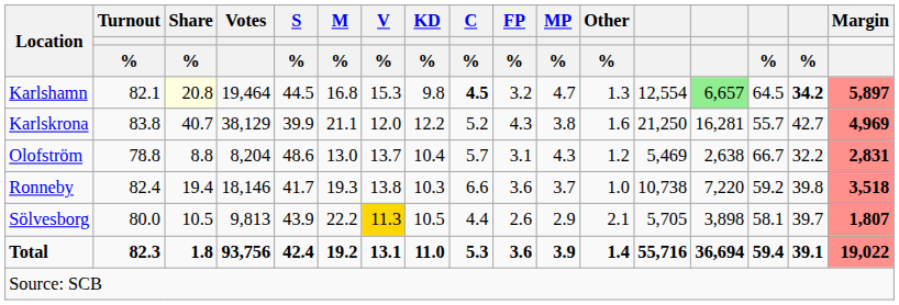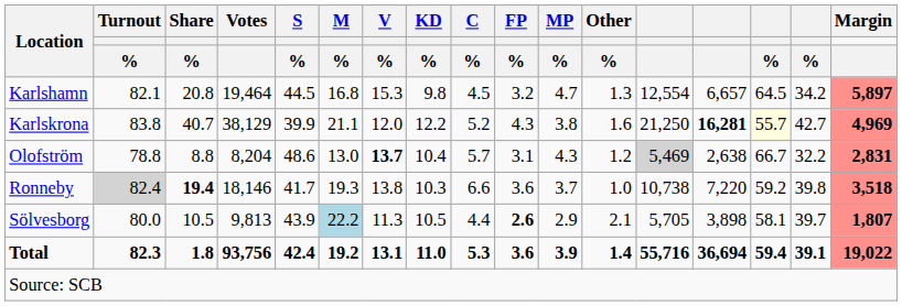 <table class="wikitable sortable" style="text-align:right; font-size:95%; line-height:20px;">
 <tr>
 <th rowspan="3">Location</th>
 <th>Turnout</th>
 <th>Share</th>
 <th>Votes</th>
 <th width="30px" class="unsortable"><a href='#'>S</a></th>
 <th width="30px" class="unsortable"><a href='#'>M</a></th>
 <th width="30px" class="unsortable"><a href='#'>V</a></th>
 <th width="30px" class="unsortable"><a href='#'>KD</a></th>
 <th width="30px" class="unsortable"><a href='#'>C</a></th>
 <th width="30px" class="unsortable"><a href='#'>FP</a></th>
 <th width="30px" class="unsortable"><a href='#'>MP</a></th>
 <th width="30px" class="unsortable">Other</th>
 <th></th>
 <th></th>
 <th></th>
 <th></th>
 <th>Margin</th>
 </tr>
 <tr>
 <th></th>
 <th></th>
 <th></th>
 <th style="background:"></th>
 <th style="background:"></th>
 <th style="background:"></th>
 <th style="background:"></th>
 <th style="background:"></th>
 <th style="background:"></th>
 <th style="background:"></th>
 <th style="background:"></th>
 <th style="background:"></th>
 <th style="background:"></th>
 <th style="background:"></th>
 <th style="background:"></th>
 </tr>
 <tr>
 <th data-sort-type="number">%</th>
 <th data-sort-type="number">%</th>
 <th></th>
 <th data-sort-type="number">%</th>
 <th data-sort-type="number">%</th>
 <th data-sort-type="number">%</th>
 <th data-sort-type="number">%</th>
 <th data-sort-type="number">%</th>
 <th data-sort-type="number">%</th>
 <th data-sort-type="number">%</th>
 <th data-sort-type="number">%</th>
 <th data-sort-type="number"></th>
 <th data-sort-type="number"></th>
 <th data-sort-type="number">%</th>
 <th data-sort-type="number">%</th>
 <th data-sort-type="number"></th>
 </tr>
 <tr>
 <td align=left><a href='#'>Karlshamn</a></td>
 <td>82.1</td>
-<td style="background: lightyellow;">20.8</td>
+<td>20.8</td>
 <td>19,464</td>
 <td>44.5</td>
 <td>16.8</td>
 <td>15.3</td>
 <td>9.8</td>
-<td><strong>4.5</strong></td>
+<td>4.5</td>
 <td>3.2</td>
 <td>4.7</td>
 <td>1.3</td>
 <td>12,554</td>
-<td style="background: lightgreen;">6,657</td>
+<td>6,657</td>
 <td>64.5</td>
-<td><strong>34.2</strong></td>
+<td>34.2</td>
 <td bgcolor=#ff908c><strong>5,897</strong></td>
 </tr>
 <tr>
 <td align=left><a href='#'>Karlskrona</a></td>
 <td>83.8</td>
 <td>40.7</td>
 <td>38,129</td>
 <td>39.9</td>
 <td>21.1</td>
 <td>12.0</td>
 <td>12.2</td>
 <td>5.2</td>
 <td>4.3</td>
 <td>3.8</td>
 <td>1.6</td>
 <td>21,250</td>
-<td>16,281</td>
-<td>55.7</td>
+<td><strong>16,281</strong></td>
+<td style="background: lightyellow;">55.7</td>
 <td>42.7</td>
 <td bgcolor=#ff908c><strong>4,969</strong></td>
 </tr>
 <tr>
 <td align=left><a href='#'>Olofström</a></td>
 <td>78.8</td>
 <td>8.8</td>
 <td>8,204</td>
 <td>48.6</td>
 <td>13.0</td>
-<td>13.7</td>
+<td><strong>13.7</strong></td>
 <td>10.4</td>
 <td>5.7</td>
 <td>3.1</td>
 <td>4.3</td>
 <td>1.2</td>
-<td>5,469</td>
+<td style="background: lightgrey;">5,469</td>
 <td>2,638</td>
 <td>66.7</td>
 <td>32.2</td>
 <td bgcolor=#ff908c><strong>2,831</strong></td>
 </tr>
 <tr>
 <td align=left><a href='#'>Ronneby</a></td>
-<td>82.4</td>
-<td>19.4</td>
+<td style="background: lightgrey;">82.4</td>
+<td><strong>19.4</strong></td>
 <td>18,146</td>
 <td>41.7</td>
 <td>19.3</td>
 <td>13.8</td>
 <td>10.3</td>
 <td>6.6</td>
 <td>3.6</td>
 <td>3.7</td>
 <td>1.0</td>
 <td>10,738</td>
 <td>7,220</td>
 <td>59.2</td>
 <td>39.8</td>
 <td bgcolor=#ff908c><strong>3,518</strong></td>
 </tr>
 <tr>
 <td align=left><a href='#'>Sölvesborg</a></td>
 <td>80.0</td>
 <td>10.5</td>
 <td>9,813</td>
 <td>43.9</td>
-<td>22.2</td>
-<td style="background: gold;">11.3</td>
+<td style="background: lightblue;">22.2</td>
+<td>11.3</td>
 <td>10.5</td>
 <td>4.4</td>
-<td>2.6</td>
+<td><strong>2.6</strong></td>
 <td>2.9</td>
 <td>2.1</td>
 <td>5,705</td>
 <td>3,898</td>
 <td>58.1</td>
 <td>39.7</td>
 <td bgcolor=#ff908c><strong>1,807</strong></td>
 </tr>
 <tr>
 <td align=left><strong>Total</strong></td>
 <td><strong>82.3</strong></td>
 <td><strong>1.8</strong></td>
 <td><strong>93,756</strong></td>
 <td><strong>42.4</strong></td>
 <td><strong>19.2</strong></td>
 <td><strong>13.1</strong></td>
 <td><strong>11.0</strong></td>
 <td><strong>5.3</strong></td>
 <td><strong>3.6</strong></td>
 <td><strong>3.9</strong></td>
 <td><strong>1.4</strong></td>
 <td><strong>55,716</strong></td>
 <td><strong>36,694</strong></td>
 <td><strong>59.4</strong></td>
 <td><strong>39.1</strong></td>
 <td bgcolor=#ff908c><strong>19,022</strong></td>
 </tr>
 <tr>
 <td align=left colspan=17>Source: SCB </td>
 </tr>
 </table>
